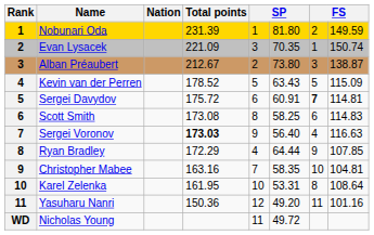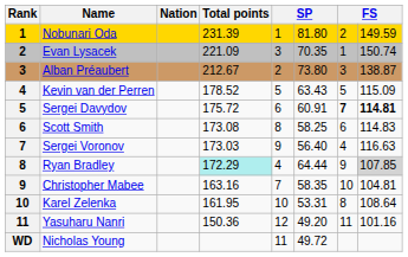 <table class="wikitable">
 <tr>
 <th>Rank</th>
 <th>Name</th>
 <th>Nation</th>
 <th>Total points</th>
 <th colspan="2" width="80px"><a href='#'>SP</a></th>
 <th colspan="2" width="80px"><a href='#'>FS</a></th>
 </tr>
 <tr bgcolor="gold">
 <td align="center"><strong>1</strong></td>
 <td><a href='#'>Nobunari Oda</a></td>
 <td></td>
 <td>231.39</td>
 <td>1</td>
 <td>81.80</td>
 <td>2</td>
 <td>149.59</td>
 </tr>
 <tr bgcolor="silver">
 <td align="center"><strong>2</strong></td>
 <td><a href='#'>Evan Lysacek</a></td>
 <td></td>
 <td>221.09</td>
 <td>3</td>
 <td>70.35</td>
 <td>1</td>
 <td>150.74</td>
 </tr>
 <tr bgcolor="cc9966">
 <td align="center"><strong>3</strong></td>
 <td><a href='#'>Alban Préaubert</a></td>
 <td></td>
 <td>212.67</td>
 <td>2</td>
 <td>73.80</td>
 <td>3</td>
 <td>138.87</td>
 </tr>
 <tr>
 <th>4</th>
 <td><a href='#'>Kevin van der Perren</a></td>
 <td></td>
 <td>178.52</td>
 <td>5</td>
 <td>63.43</td>
 <td>5</td>
 <td>115.09</td>
 </tr>
 <tr>
 <th>5</th>
 <td><a href='#'>Sergei Davydov</a></td>
 <td></td>
 <td>175.72</td>
 <td>6</td>
 <td>60.91</td>
 <td><strong>7</strong></td>
-<td>114.81</td>
+<td><strong>114.81</strong></td>
 </tr>
 <tr>
 <th>6</th>
 <td><a href='#'>Scott Smith</a></td>
 <td></td>
 <td>173.08</td>
 <td>8</td>
 <td>58.25</td>
 <td>6</td>
 <td>114.83</td>
 </tr>
 <tr>
 <th>7</th>
 <td><a href='#'>Sergei Voronov</a></td>
 <td></td>
-<td><strong>173.03</strong></td>
+<td>173.03</td>
 <td>9</td>
 <td>56.40</td>
 <td>4</td>
 <td>116.63</td>
 </tr>
 <tr>
 <th>8</th>
 <td><a href='#'>Ryan Bradley</a></td>
 <td></td>
-<td>172.29</td>
+<td style="background: paleturquoise;">172.29</td>
 <td>4</td>
 <td>64.44</td>
 <td>9</td>
-<td>107.85</td>
+<td style="background: lightgrey;">107.85</td>
 </tr>
 <tr>
 <th>9</th>
 <td><a href='#'>Christopher Mabee</a></td>
 <td></td>
 <td>163.16</td>
 <td>7</td>
 <td>58.35</td>
 <td>10</td>
 <td>104.81</td>
 </tr>
 <tr>
 <th>10</th>
 <td><a href='#'>Karel Zelenka</a></td>
 <td></td>
 <td>161.95</td>
 <td>10</td>
 <td>53.31</td>
 <td>8</td>
 <td>108.64</td>
 </tr>
 <tr>
 <th>11</th>
 <td><a href='#'>Yasuharu Nanri</a></td>
 <td></td>
 <td>150.36</td>
 <td>12</td>
 <td>49.20</td>
 <td>11</td>
 <td>101.16</td>
 </tr>
 <tr>
 <th>WD</th>
 <td><a href='#'>Nicholas Young</a></td>
 <td></td>
 <td></td>
 <td>11</td>
 <td>49.72</td>
 <td></td>
 <td></td>
 </tr>
 </table>
